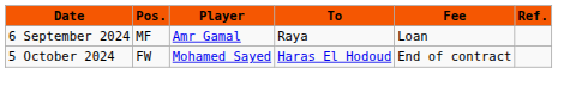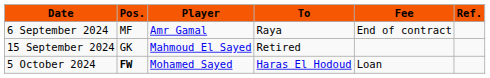 <table class="wikitable plainrowheaders sortable">
 <tr>
 <th style="background:#f55702; color:#fffff; ">Date</th>
 <th style="background:#f55702; color:#fffff; ">Pos.</th>
 <th style="background:#f55702; color:#fffff; ">Player</th>
 <th style="background:#f55702; color:#fffff; ">To</th>
 <th style="background:#f55702; color:#fffff; ">Fee</th>
 <th style="background:#f55702; color:#fffff; ">Ref.</th>
 </tr>
 <tr>
 <td>6 September 2024</td>
 <td>MF</td>
 <td> <a href='#'>Amr Gamal</a></td>
 <td> Raya</td>
-<td>Loan</td>
+<td>End of contract</td>
+<td></td>
+</tr>
+<tr>
+<td>15 September 2024</td>
+<td>GK</td>
+<td> <a href='#'>Mahmoud El Sayed</a></td>
+<td>Retired</td>
+<td></td>
 <td></td>
 </tr>
 <tr>
 <td>5 October 2024</td>
-<td>FW</td>
+<td><strong>FW</strong></td>
 <td> <a href='#'>Mohamed Sayed</a></td>
 <td> <a href='#'>Haras El Hodoud</a></td>
-<td>End of contract</td>
+<td>Loan</td>
 <td></td>
 </tr>
 </table>
